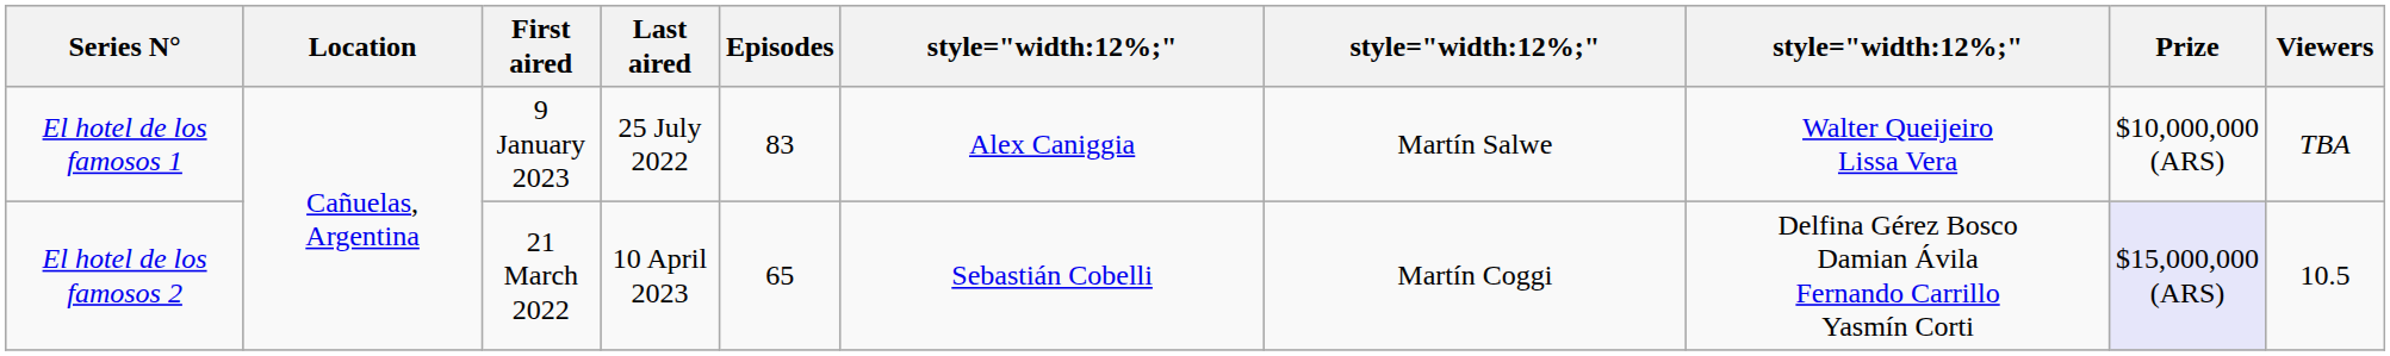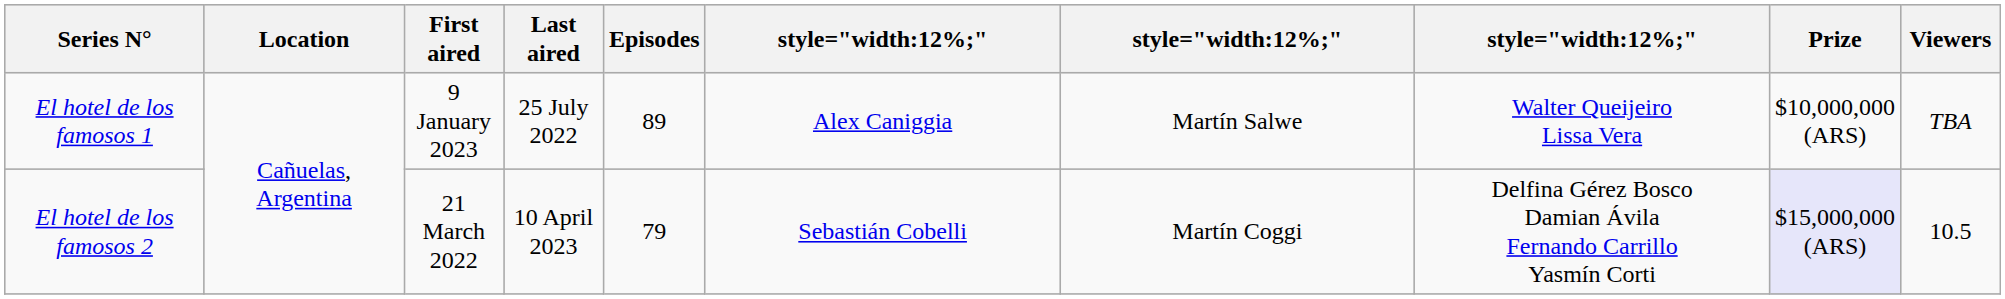 <table class="wikitable mw-collapsible" style="font-size:95%; text-align:center; width:100%">
 <tr>
 <th style="width:10%;">Series N°</th>
 <th style="width:10%;">Location</th>
 <th style="width:5%;">First aired</th>
 <th style="width:5%;">Last aired</th>
 <th style="width:5%;">Episodes</th>
 <th>style="width:12%;" </th>
 <th>style="width:12%;"</th>
 <th>style="width:12%;"</th>
 <th style="width:5%;">Prize</th>
 <th style="width:5%;">Viewers</th>
 </tr>
 <tr>
 <td><em><a href='#'>El hotel de los famosos 1</a></em></td>
 <td rowspan="2"><a href='#'>Cañuelas</a>, <a href='#'>Argentina</a></td>
 <td>9 January 2023</td>
 <td>25 July 2022</td>
-<td>83</td>
+<td>89</td>
 <td><a href='#'>Alex Caniggia</a></td>
 <td>Martín Salwe</td>
 <td><a href='#'>Walter Queijeiro</a> <br> <a href='#'>Lissa Vera</a></td>
 <td align="center">$10,000,000 (ARS)</td>
 <td><em>TBA</em></td>
 </tr>
 <tr>
 <td><em><a href='#'>El hotel de los famosos 2</a></em></td>
 <td>21 March 2022</td>
 <td>10 April 2023</td>
-<td>65</td>
+<td>79</td>
 <td><a href='#'>Sebastián Cobelli</a></td>
 <td>Martín Coggi</td>
 <td>Delfina Gérez Bosco <br> Damian Ávila<br> <a href='#'>Fernando Carrillo</a> <br> Yasmín Corti</td>
 <td style="background: lavender;">$15,000,000 (ARS)</td>
 <td>10.5</td>
 </tr>
 </table>
